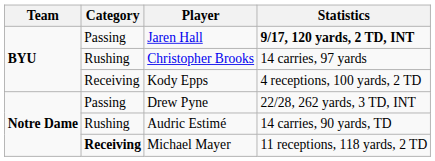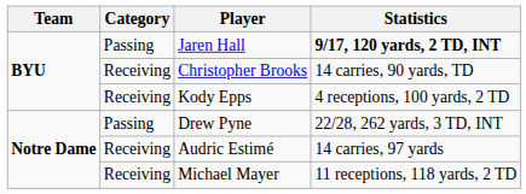 <table class="wikitable" style="float: right;">
 <tr>
 <th>Team</th>
 <th>Category</th>
 <th>Player</th>
 <th>Statistics</th>
 </tr>
 <tr>
 <td rowspan=3><strong>BYU</strong></td>
 <td>Passing</td>
 <td><a href='#'>Jaren Hall</a></td>
 <td><strong>9/17, 120 yards, 2 TD, INT</strong></td>
 </tr>
 <tr>
-<td>Rushing</td>
+<td>Receiving</td>
 <td><a href='#'>Christopher Brooks</a></td>
-<td>14 carries, 97 yards</td>
+<td>14 carries, 90 yards, TD</td>
 </tr>
 <tr>
 <td>Receiving</td>
 <td>Kody Epps</td>
 <td>4 receptions, 100 yards, 2 TD</td>
 </tr>
 <tr>
 <td rowspan=3><strong>Notre Dame</strong></td>
 <td>Passing</td>
 <td>Drew Pyne</td>
 <td>22/28, 262 yards, 3 TD, INT</td>
 </tr>
 <tr>
-<td>Rushing</td>
+<td>Receiving</td>
 <td>Audric Estimé</td>
-<td>14 carries, 90 yards, TD</td>
+<td>14 carries, 97 yards</td>
 </tr>
 <tr>
-<td><strong>Receiving</strong></td>
+<td>Receiving</td>
 <td>Michael Mayer</td>
 <td>11 receptions, 118 yards, 2 TD</td>
 </tr>
 </table>
